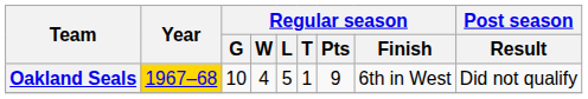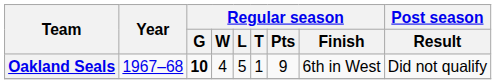 <table class="wikitable" style="font-size: 95%; text-align:center;">
 <tr>
 <th rowspan="2">Team</th>
 <th rowspan="2">Year</th>
 <th colspan="6"><a href='#'>Regular season</a></th>
 <th colspan="1"><a href='#'>Post season</a></th>
 </tr>
 <tr>
 <th>G</th>
 <th>W</th>
 <th>L</th>
 <th>T</th>
 <th>Pts</th>
 <th>Finish</th>
 <th>Result</th>
 </tr>
 <tr>
 <th><a href='#'>Oakland Seals</a></th>
-<td style="background: gold;"><a href='#'>1967–68</a></td>
-<td>10</td>
+<td><a href='#'>1967–68</a></td>
+<td><strong>10</strong></td>
 <td>4</td>
 <td>5</td>
 <td>1</td>
 <td>9</td>
 <td>6th in West</td>
 <td>Did not qualify</td>
 </tr>
 <tr>
 </tr>
 </table>
